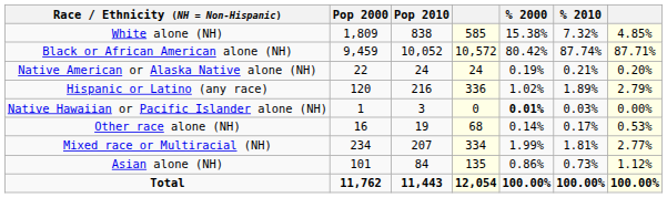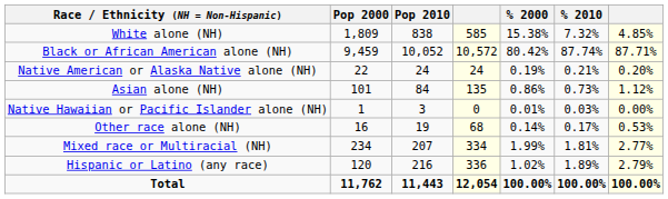 <table class="wikitable" style="text-align:center;">
 <tr>
 <th>Race / Ethnicity <small>(<em>NH = Non-Hispanic</em>)</small></th>
 <th>Pop 2000</th>
 <th>Pop 2010</th>
 <th></th>
 <th>% 2000</th>
 <th>% 2010</th>
 <th></th>
 </tr>
 <tr>
 <td><a href='#'>White</a> alone (NH)</td>
 <td>1,809</td>
 <td>838</td>
 <td style='background: #ffffe6;'>585</td>
 <td>15.38%</td>
 <td>7.32%</td>
 <td style='background: #ffffe6;'>4.85%</td>
 </tr>
 <tr>
 <td><a href='#'>Black or African American</a> alone (NH)</td>
 <td>9,459</td>
 <td>10,052</td>
 <td style='background: #ffffe6;'>10,572</td>
 <td>80.42%</td>
 <td>87.74%</td>
 <td style='background: #ffffe6;'>87.71%</td>
 </tr>
 <tr>
 <td><a href='#'>Native American</a> or <a href='#'>Alaska Native</a> alone (NH)</td>
 <td>22</td>
 <td>24</td>
 <td style='background: #ffffe6;'>24</td>
 <td>0.19%</td>
 <td>0.21%</td>
 <td style='background: #ffffe6;'>0.20%</td>
 </tr>
 <tr>
-<td><a href='#'>Hispanic or Latino</a> (any race)</td>
-<td>120</td>
-<td>216</td>
-<td style='background: #ffffe6;'>336</td>
-<td>1.02%</td>
-<td>1.89%</td>
-<td style='background: #ffffe6;'>2.79%</td>
+<td><a href='#'>Asian</a> alone (NH)</td>
+<td>101</td>
+<td>84</td>
+<td style='background: #ffffe6;'>135</td>
+<td>0.86%</td>
+<td>0.73%</td>
+<td style='background: #ffffe6;'>1.12%</td>
 </tr>
 <tr>
 <td><a href='#'>Native Hawaiian</a> or <a href='#'>Pacific Islander</a> alone (NH)</td>
 <td>1</td>
 <td>3</td>
 <td style='background: #ffffe6;'>0</td>
-<td><strong>0.01%</strong></td>
+<td>0.01%</td>
 <td>0.03%</td>
 <td style='background: #ffffe6;'>0.00%</td>
 </tr>
 <tr>
 <td><a href='#'>Other race</a> alone (NH)</td>
 <td>16</td>
 <td>19</td>
 <td style='background: #ffffe6;'>68</td>
 <td>0.14%</td>
 <td>0.17%</td>
 <td style='background: #ffffe6;'>0.53%</td>
 </tr>
 <tr>
 <td><a href='#'>Mixed race or Multiracial</a> (NH)</td>
 <td>234</td>
 <td>207</td>
 <td style='background: #ffffe6;'>334</td>
 <td>1.99%</td>
 <td>1.81%</td>
 <td style='background: #ffffe6;'>2.77%</td>
 </tr>
 <tr>
-<td><a href='#'>Asian</a> alone (NH)</td>
-<td>101</td>
-<td>84</td>
-<td style='background: #ffffe6;'>135</td>
-<td>0.86%</td>
-<td>0.73%</td>
-<td style='background: #ffffe6;'>1.12%</td>
+<td><a href='#'>Hispanic or Latino</a> (any race)</td>
+<td>120</td>
+<td>216</td>
+<td style='background: #ffffe6;'>336</td>
+<td>1.02%</td>
+<td>1.89%</td>
+<td style='background: #ffffe6;'>2.79%</td>
 </tr>
 <tr>
 <td><strong>Total</strong></td>
 <td><strong>11,762</strong></td>
 <td><strong>11,443</strong></td>
 <td style='background: #ffffe6;'><strong>12,054</strong></td>
 <td><strong>100.00%</strong></td>
 <td><strong>100.00%</strong></td>
 <td style='background: #ffffe6;'><strong>100.00%</strong></td>
 </tr>
 </table>
